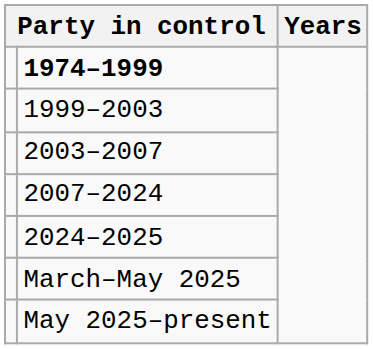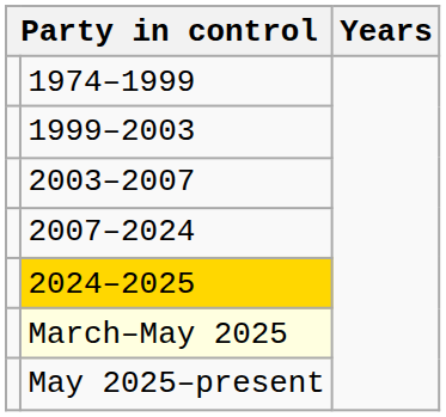 <table class="wikitable">
 <tr>
 <th colspan="2">Party in control</th>
 <th>Years</th>
 </tr>
 <tr>
 <td></td>
-<td><strong>1974–1999</strong></td>
+<td>1974–1999</td>
 </tr>
 <tr>
 <td></td>
 <td>1999–2003</td>
 </tr>
 <tr>
 <td></td>
 <td>2003–2007</td>
 </tr>
 <tr>
 <td></td>
 <td>2007–2024</td>
 </tr>
 <tr>
 <td></td>
-<td>2024–2025</td>
+<td style="background: gold;">2024–2025</td>
 </tr>
 <tr>
 <td></td>
-<td>March–May 2025</td>
+<td style="background: lightyellow;">March–May 2025</td>
 </tr>
 <tr>
 <td></td>
 <td>May 2025–present</td>
 </tr>
 </table>
